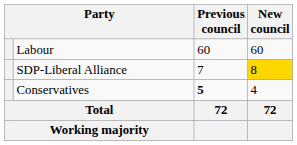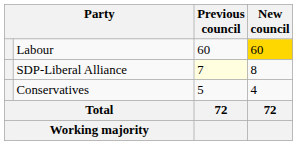 <table class="wikitable">
 <tr>
 <th valign=top colspan="2" style="width: 230px">Party</th>
 <th valign=top style="width: 30px">Previous council</th>
 <th valign=top style="width: 30px">New council</th>
 </tr>
 <tr>
 <th style="background-color: "></th>
 <td>Labour</td>
 <td>60</td>
-<td>60</td>
+<td style="background: gold;">60</td>
 </tr>
 <tr>
 <th style="background-color: "></th>
 <td>SDP-Liberal Alliance</td>
-<td>7</td>
-<td style="background: gold;">8</td>
+<td style="background: lightyellow;">7</td>
+<td>8</td>
 </tr>
 <tr>
 <th style="background-color: "></th>
 <td>Conservatives</td>
-<td><strong>5</strong></td>
+<td>5</td>
 <td>4</td>
 </tr>
 <tr>
 <th colspan=2>Total</th>
 <th style="text-align: center">72</th>
 <th colspan=3>72</th>
 </tr>
 <tr>
 <th colspan=2>Working majority</th>
 <th></th>
 <th></th>
 </tr>
 </table>
